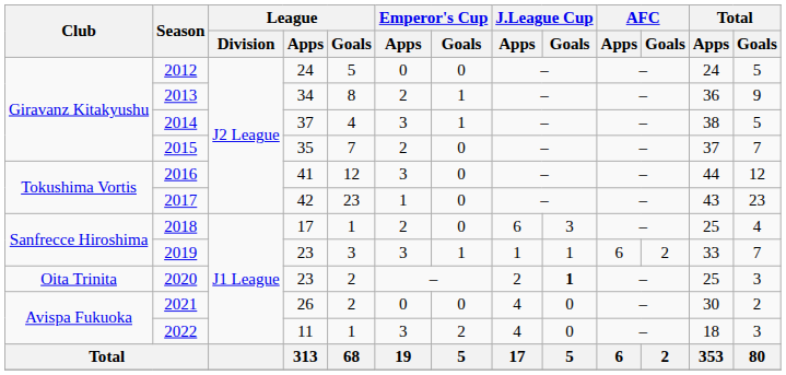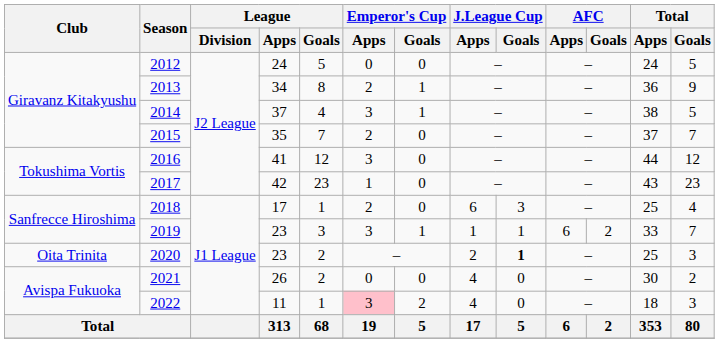 <table class="wikitable" style="text-align:center;">
 <tr>
 <th rowspan="2">Club</th>
 <th rowspan="2">Season</th>
 <th colspan="3">League</th>
 <th colspan="2"><a href='#'>Emperor's Cup</a></th>
 <th colspan="2"><a href='#'>J.League Cup</a></th>
 <th colspan="2"><a href='#'>AFC</a></th>
 <th colspan="2">Total</th>
 </tr>
 <tr>
 <th>Division</th>
 <th>Apps</th>
 <th>Goals</th>
 <th>Apps</th>
 <th>Goals</th>
 <th>Apps</th>
 <th>Goals</th>
 <th>Apps</th>
 <th>Goals</th>
 <th>Apps</th>
 <th>Goals</th>
 </tr>
 <tr>
 <td rowspan="4"><a href='#'>Giravanz Kitakyushu</a></td>
 <td><a href='#'>2012</a></td>
 <td rowspan="6"><a href='#'>J2 League</a></td>
 <td>24</td>
 <td>5</td>
 <td>0</td>
 <td>0</td>
 <td colspan="2">–</td>
 <td colspan="2">–</td>
 <td>24</td>
 <td>5</td>
 </tr>
 <tr>
 <td><a href='#'>2013</a></td>
 <td>34</td>
 <td>8</td>
 <td>2</td>
 <td>1</td>
 <td colspan="2">–</td>
 <td colspan="2">–</td>
 <td>36</td>
 <td>9</td>
 </tr>
 <tr>
 <td><a href='#'>2014</a></td>
 <td>37</td>
 <td>4</td>
 <td>3</td>
 <td>1</td>
 <td colspan="2">–</td>
 <td colspan="2">–</td>
 <td>38</td>
 <td>5</td>
 </tr>
 <tr>
 <td><a href='#'>2015</a></td>
 <td>35</td>
 <td>7</td>
 <td>2</td>
 <td>0</td>
 <td colspan="2">–</td>
 <td colspan="2">–</td>
 <td>37</td>
 <td>7</td>
 </tr>
 <tr>
 <td rowspan="2"><a href='#'>Tokushima Vortis</a></td>
 <td><a href='#'>2016</a></td>
 <td>41</td>
 <td>12</td>
 <td>3</td>
 <td>0</td>
 <td colspan="2">–</td>
 <td colspan="2">–</td>
 <td>44</td>
 <td>12</td>
 </tr>
 <tr>
 <td><a href='#'>2017</a></td>
 <td>42</td>
 <td>23</td>
 <td>1</td>
 <td>0</td>
 <td colspan="2">–</td>
 <td colspan="2">–</td>
 <td>43</td>
 <td>23</td>
 </tr>
 <tr>
 <td rowspan="2"><a href='#'>Sanfrecce Hiroshima</a></td>
 <td><a href='#'>2018</a></td>
 <td rowspan="5"><a href='#'>J1 League</a></td>
 <td>17</td>
 <td>1</td>
 <td>2</td>
 <td>0</td>
 <td>6</td>
 <td>3</td>
 <td colspan="2">–</td>
 <td>25</td>
 <td>4</td>
 </tr>
 <tr>
 <td><a href='#'>2019</a></td>
 <td>23</td>
 <td>3</td>
 <td>3</td>
 <td>1</td>
 <td>1</td>
 <td>1</td>
 <td>6</td>
 <td>2</td>
 <td>33</td>
 <td>7</td>
 </tr>
 <tr>
 <td><a href='#'>Oita Trinita</a></td>
 <td><a href='#'>2020</a></td>
 <td>23</td>
 <td>2</td>
 <td colspan="2">–</td>
 <td>2</td>
 <td><strong>1</strong></td>
 <td colspan="2">–</td>
 <td>25</td>
 <td>3</td>
 </tr>
 <tr>
 <td rowspan="2"><a href='#'>Avispa Fukuoka</a></td>
 <td><a href='#'>2021</a></td>
 <td>26</td>
 <td>2</td>
 <td>0</td>
 <td>0</td>
 <td>4</td>
 <td>0</td>
 <td colspan="2">–</td>
 <td>30</td>
 <td>2</td>
 </tr>
 <tr>
 <td><a href='#'>2022</a></td>
 <td>11</td>
 <td>1</td>
-<td>3</td>
+<td style="background: pink;">3</td>
 <td>2</td>
 <td>4</td>
 <td>0</td>
 <td colspan="2">–</td>
 <td>18</td>
 <td>3</td>
 </tr>
 <tr>
 <th colspan="2">Total</th>
 <th></th>
 <th>313</th>
 <th>68</th>
 <th>19</th>
 <th>5</th>
 <th>17</th>
 <th>5</th>
 <th>6</th>
 <th>2</th>
 <th>353</th>
 <th>80</th>
 </tr>
 <tr>
 </tr>
 </table>
